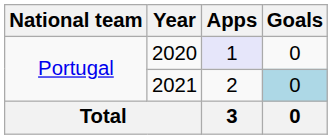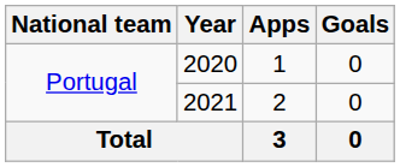 <table class="wikitable" style="text-align:center">
 <tr>
 <th>National team</th>
 <th>Year</th>
 <th>Apps</th>
 <th>Goals</th>
 </tr>
 <tr>
 <td rowspan="2"><a href='#'>Portugal</a></td>
 <td>2020</td>
-<td style="background: lavender;">1</td>
+<td>1</td>
 <td>0</td>
 </tr>
 <tr>
 <td>2021</td>
 <td>2</td>
-<td style="background: lightblue;">0</td>
+<td>0</td>
 </tr>
 <tr>
 <th colspan="2">Total</th>
 <th>3</th>
 <th>0</th>
 </tr>
 </table>
